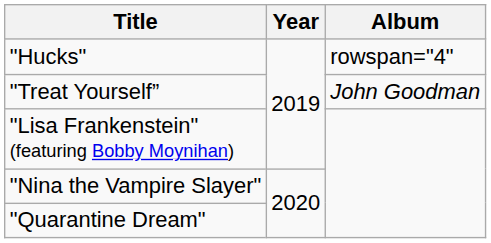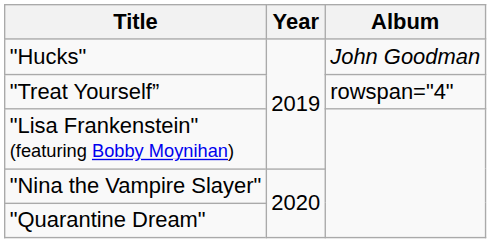 <table class="wikitable">
 <tr>
 <th>Title</th>
 <th>Year</th>
 <th>Album</th>
 </tr>
 <tr>
 <td>"Hucks"</td>
 <td rowspan="3">2019</td>
-<td>rowspan="4" </td>
+<td><em>John Goodman</em></td>
 </tr>
 <tr>
 <td>"Treat Yourself”</td>
-<td><em>John Goodman</em></td>
+<td>rowspan="4" </td>
 </tr>
 <tr>
 <td>"Lisa Frankenstein"<br><small>(featuring <a href='#'>Bobby Moynihan</a>)</small></td>
 </tr>
 <tr>
 <td>"Nina the Vampire Slayer"</td>
 <td rowspan="2">2020</td>
 </tr>
 <tr>
 <td>"Quarantine Dream"</td>
 </tr>
 </table>
